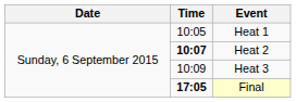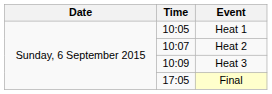 <table class = "wikitable" style="text-align:center;">
 <tr>
 <th width=220>Date</th>
 <th width=50>Time</th>
 <th width=100>Event</th>
 </tr>
 <tr>
 <td rowspan=4>Sunday, 6 September 2015</td>
 <td>10:05</td>
 <td>Heat 1</td>
 </tr>
 <tr>
-<td><strong>10:07</strong></td>
+<td>10:07</td>
 <td>Heat 2</td>
 </tr>
 <tr>
 <td>10:09</td>
 <td>Heat 3</td>
 </tr>
 <tr>
-<td><strong>17:05</strong></td>
+<td>17:05</td>
 <td bgcolor=ffffcc>Final</td>
 </tr>
 </table>
